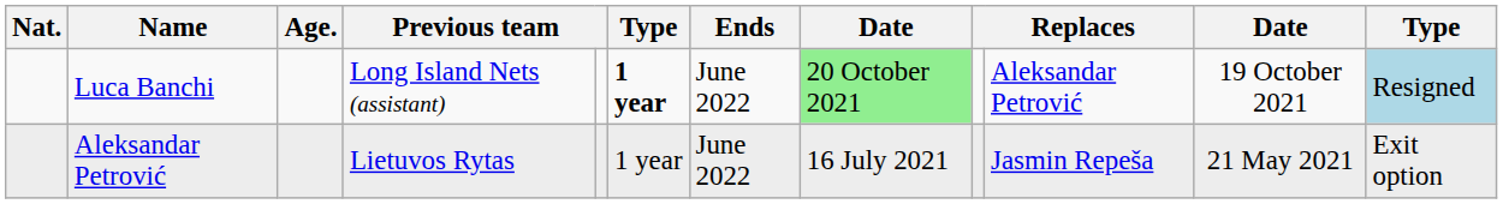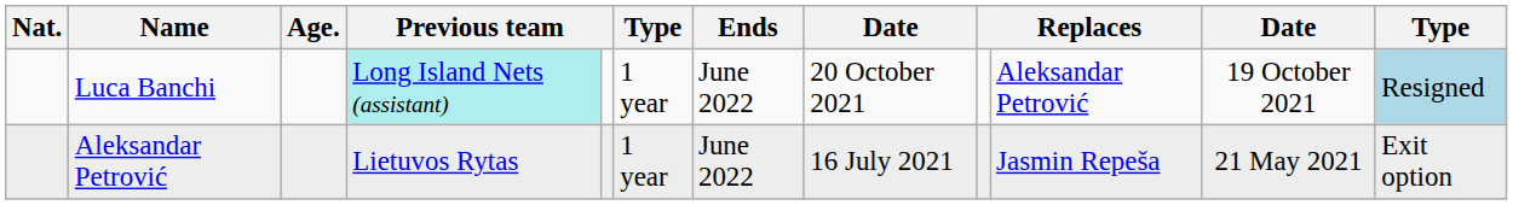 <table class="wikitable sortable">
 <tr>
 <th>Nat.</th>
 <th>Name</th>
 <th>Age.</th>
 <th colspan=2>Previous team</th>
 <th>Type</th>
 <th>Ends</th>
 <th>Date</th>
 <th colspan=2>Replaces</th>
 <th>Date</th>
 <th>Type</th>
 </tr>
 <tr>
 <td style="text-align: center;"></td>
 <td><a href='#'>Luca Banchi</a></td>
 <td></td>
-<td><a href='#'>Long Island Nets</a> <small> <em>(assistant)</em> </small></td>
+<td style="background: paleturquoise;"><a href='#'>Long Island Nets</a> <small> <em>(assistant)</em> </small></td>
 <td style="text-align: center;"></td>
-<td><strong>1 year</strong></td>
+<td>1 year</td>
 <td>June 2022</td>
-<td style="background: lightgreen;">20 October 2021</td>
+<td>20 October 2021</td>
 <td style="text-align: center;"></td>
 <td><a href='#'>Aleksandar Petrović</a></td>
 <td style="text-align: center;">19 October 2021</td>
 <td style="background: lightblue;">Resigned</td>
 </tr>
 <tr style="background-color: #ededed;">
 <td style="text-align: center;"></td>
 <td><a href='#'>Aleksandar Petrović</a></td>
 <td></td>
 <td><a href='#'>Lietuvos Rytas</a></td>
 <td style="text-align: center;"></td>
 <td>1 year</td>
 <td>June 2022</td>
 <td>16 July 2021</td>
 <td style="text-align: center;"></td>
 <td><a href='#'>Jasmin Repeša</a></td>
 <td style="text-align: center;">21 May 2021</td>
 <td>Exit option</td>
 </tr>
 </table>
